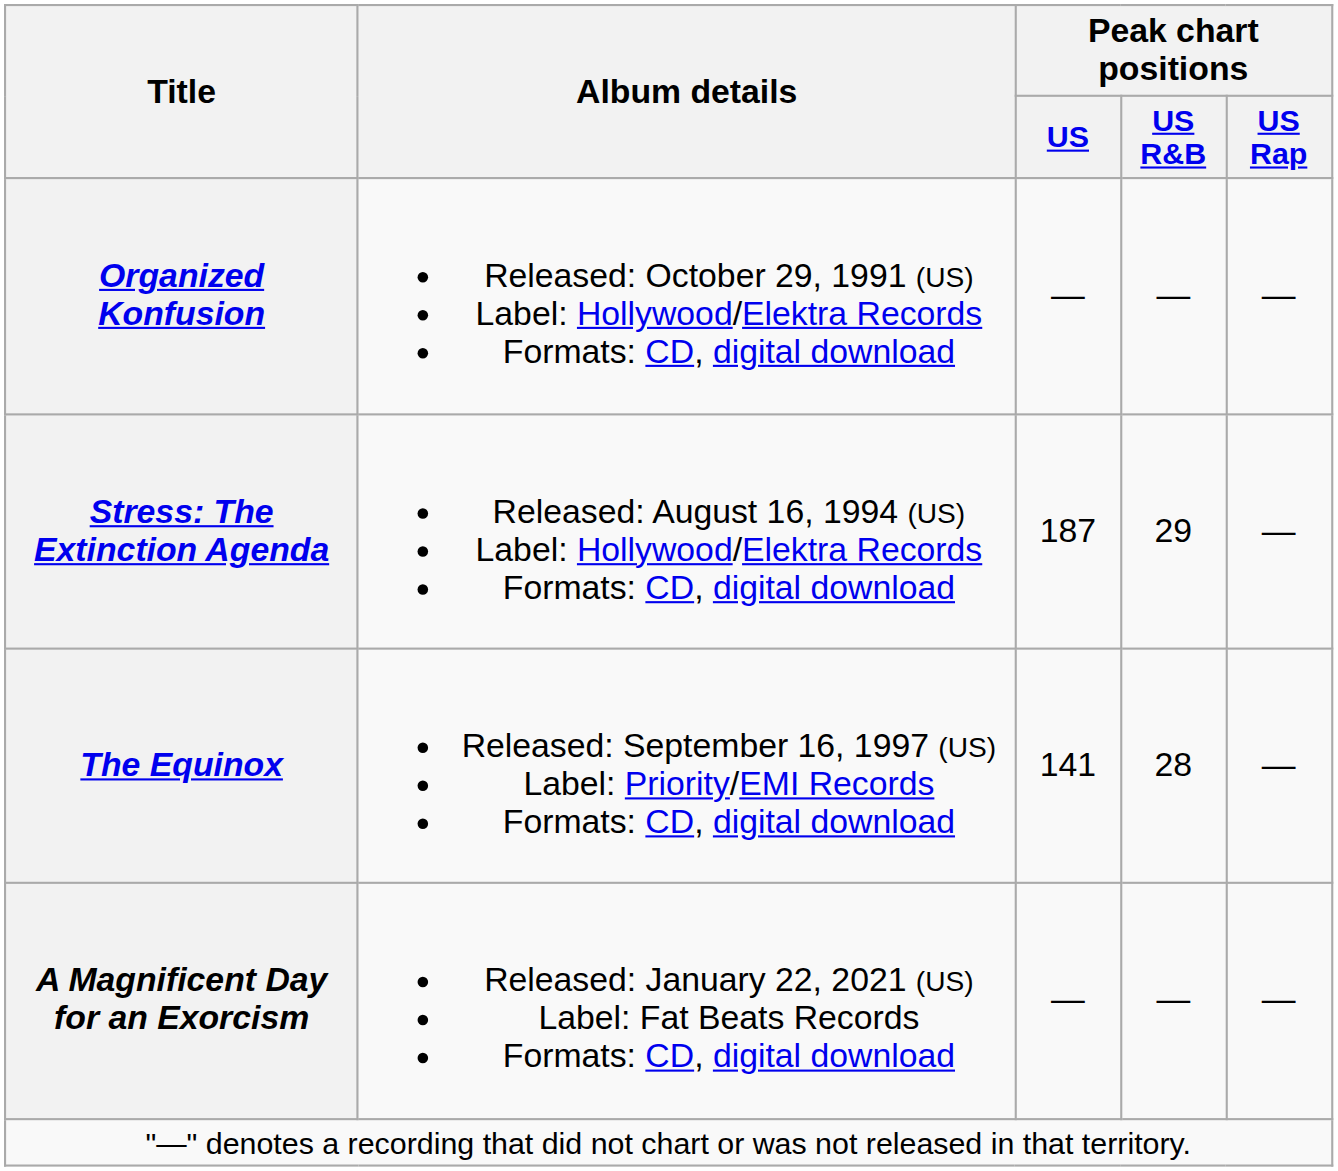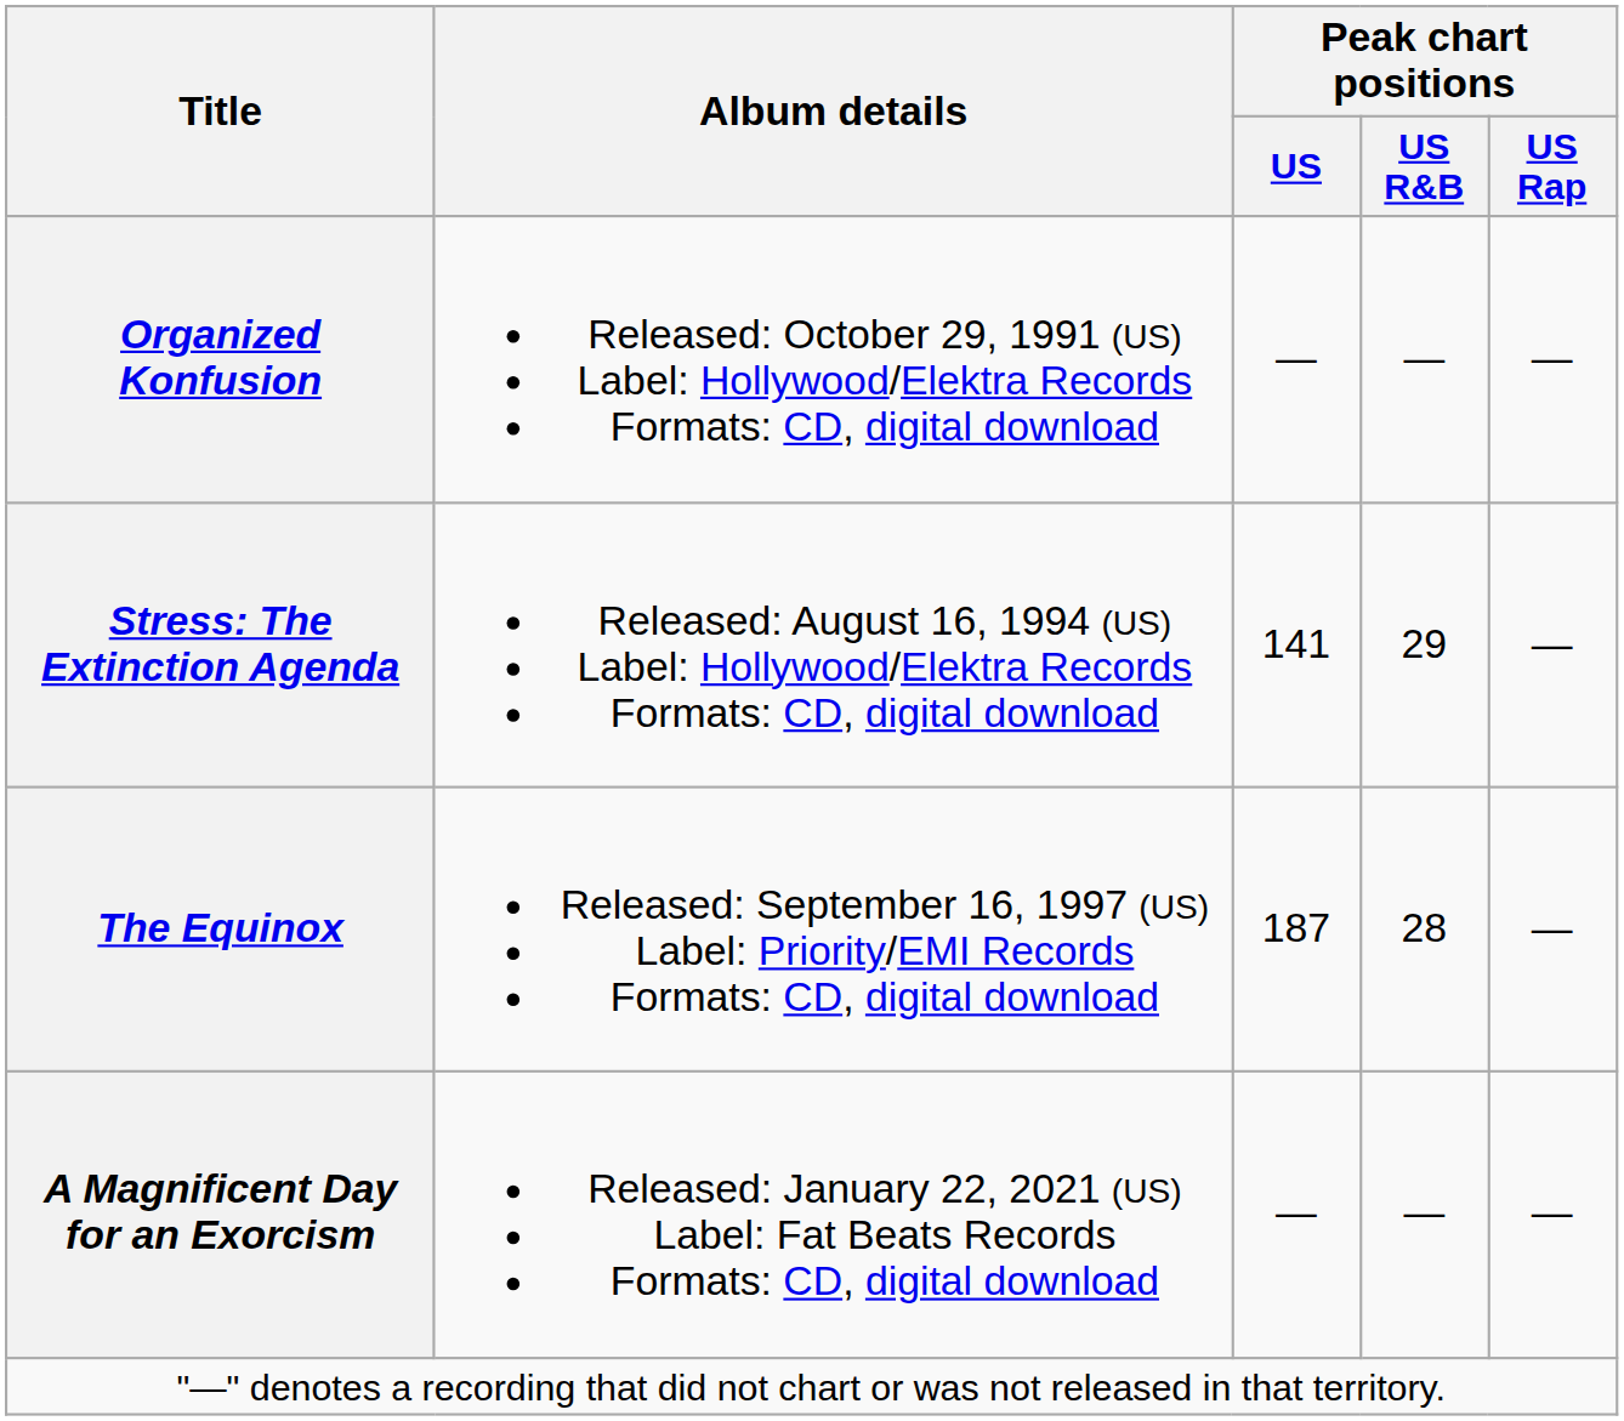 <table class="wikitable plainrowheaders" style="text-align:center;">
 <tr>
 <th scope="col" rowspan="2" style="width:10em;">Title</th>
 <th scope="col" rowspan="2" style="width:19em;">Album details</th>
 <th scope="col" colspan="3">Peak chart positions</th>
 </tr>
 <tr>
 <th scope="col" style="width:3em;font-size:90%;"><a href='#'>US</a></th>
 <th scope="col" style="width:3em;font-size:90%;"><a href='#'>US R&B</a></th>
 <th scope="col" style="width:3em;font-size:90%;"><a href='#'>US<br>Rap</a></th>
 </tr>
 <tr>
 <th scope="row"><em><a href='#'>Organized Konfusion</a></em> </th>
 <td><br><ul><li>Released: October 29, 1991 <small>(US)</small></li><li>Label: <a href='#'>Hollywood</a>/<a href='#'>Elektra Records</a></li><li>Formats: <a href='#'>CD</a>, <a href='#'>digital download</a></li></ul></td>
 <td>—</td>
 <td>—</td>
 <td>—</td>
 </tr>
 <tr>
 <th scope="row"><em><a href='#'>Stress: The Extinction Agenda</a></em> </th>
 <td><br><ul><li>Released: August 16, 1994 <small>(US)</small></li><li>Label: <a href='#'>Hollywood</a>/<a href='#'>Elektra Records</a></li><li>Formats: <a href='#'>CD</a>, <a href='#'>digital download</a></li></ul></td>
-<td>187</td>
+<td>141</td>
 <td>29</td>
 <td>—</td>
 </tr>
 <tr>
 <th scope="row"><em><a href='#'>The Equinox</a></em> </th>
 <td><br><ul><li>Released: September 16, 1997 <small>(US)</small></li><li>Label: <a href='#'>Priority</a>/<a href='#'>EMI Records</a></li><li>Formats: <a href='#'>CD</a>, <a href='#'>digital download</a></li></ul></td>
-<td>141</td>
+<td>187</td>
 <td>28</td>
 <td>—</td>
 </tr>
 <tr>
 <th scope="row"><em>A Magnificent Day for an Exorcism</em> </th>
 <td><br><ul><li>Released: January 22, 2021 <small>(US)</small></li><li>Label: Fat Beats Records</li><li>Formats: <a href='#'>CD</a>, <a href='#'>digital download</a></li></ul></td>
 <td>—</td>
 <td>—</td>
 <td>—</td>
 </tr>
 <tr>
 <td colspan="13" style="font-size:90%">"—" denotes a recording that did not chart or was not released in that territory.</td>
 </tr>
 </table>
